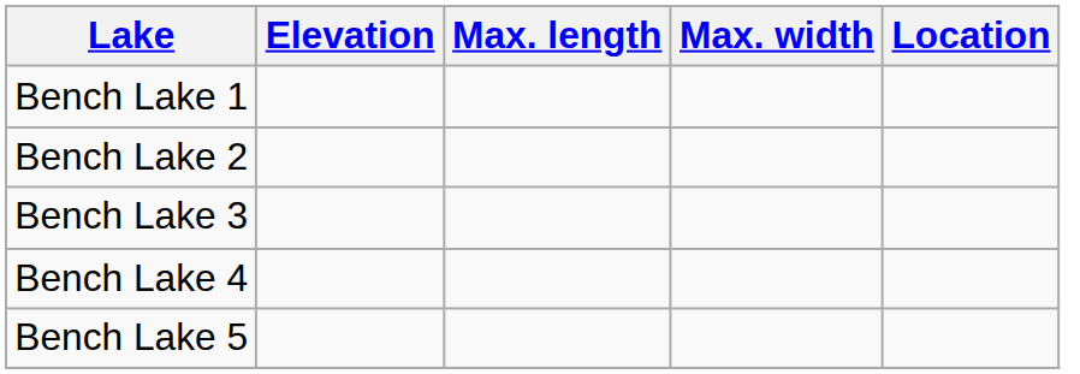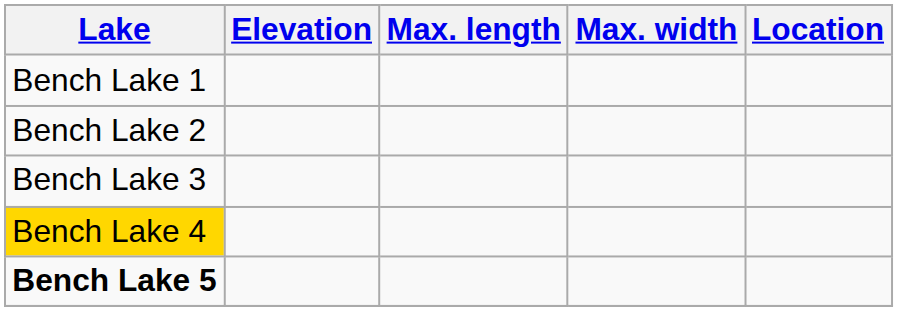 <table class="wikitable sortable">
 <tr>
 <th><a href='#'>Lake</a></th>
 <th><a href='#'>Elevation</a></th>
 <th><a href='#'>Max. length</a></th>
 <th><a href='#'>Max. width</a></th>
 <th><a href='#'>Location</a></th>
 </tr>
 <tr>
 <td>Bench Lake 1</td>
 <td></td>
 <td></td>
 <td></td>
 <td></td>
 </tr>
 <tr>
 <td>Bench Lake 2</td>
 <td></td>
 <td></td>
 <td></td>
 <td></td>
 </tr>
 <tr>
 <td>Bench Lake 3</td>
 <td></td>
 <td></td>
 <td></td>
 <td></td>
 </tr>
 <tr>
-<td>Bench Lake 4</td>
+<td style="background: gold;">Bench Lake 4</td>
 <td></td>
 <td></td>
 <td></td>
 <td></td>
 </tr>
 <tr>
-<td>Bench Lake 5</td>
+<td><strong>Bench Lake 5</strong></td>
 <td></td>
 <td></td>
 <td></td>
 <td></td>
 </tr>
 <tr>
 </tr>
 </table>
